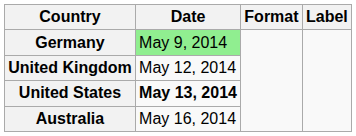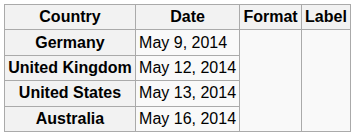 <table class="wikitable plainrowheaders">
 <tr>
 <th scope="col">Country</th>
 <th scope="col">Date</th>
 <th scope="col">Format</th>
 <th scope="col">Label</th>
 </tr>
 <tr>
 <th scope="row">Germany</th>
-<td rowspan="1" style="background: lightgreen;">May 9, 2014</td>
+<td rowspan="1">May 9, 2014</td>
 <td rowspan="4"></td>
 <td rowspan="4"></td>
 </tr>
 <tr>
 <th scope="row">United Kingdom</th>
 <td rowspan="1">May 12, 2014</td>
 </tr>
 <tr>
 <th scope="row">United States</th>
-<td rowspan="1"><strong>May 13, 2014</strong></td>
+<td rowspan="1">May 13, 2014</td>
 </tr>
 <tr>
 <th scope="row">Australia</th>
 <td rowspan="1">May 16, 2014</td>
 </tr>
 <tr>
 </tr>
 </table>
